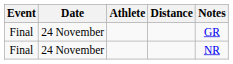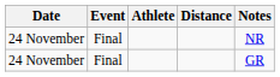 <table class=wikitable style=text-align:center>
 <tr>
+<th>Date</th>
 <th>Event</th>
-<th>Date</th>
 <th>Athlete</th>
 <th>Distance</th>
 <th>Notes</th>
 </tr>
 <tr>
+<td>24 November</td>
 <td>Final</td>
+<td align=left></td>
+<td><strong></strong></td>
+<td><a href='#'>NR</a></td>
+</tr>
+<tr>
 <td>24 November</td>
+<td>Final</td>
 <td align=left></td>
 <td><strong></strong></td>
 <td><a href='#'>GR</a></td>
 </tr>
-<tr>
-<td>Final</td>
-<td>24 November</td>
-<td align=left></td>
-<td><strong></strong></td>
-<td><a href='#'>NR</a></td>
-</tr>
 </table>
